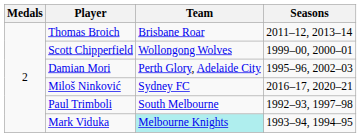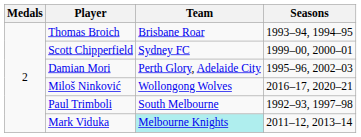 <table class="wikitable">
 <tr>
 <th>Medals</th>
 <th>Player</th>
 <th>Team</th>
 <th>Seasons</th>
 </tr>
 <tr>
 <td rowspan="6" style="text-align:center;">2</td>
 <td> <a href='#'>Thomas Broich</a></td>
 <td><a href='#'>Brisbane Roar</a></td>
-<td>2011–12, 2013–14</td>
+<td>1993–94, 1994–95</td>
 </tr>
 <tr>
 <td> <a href='#'>Scott Chipperfield</a></td>
-<td><a href='#'>Wollongong Wolves</a></td>
+<td><a href='#'>Sydney FC</a></td>
 <td>1999–00, 2000–01</td>
 </tr>
 <tr>
 <td> <a href='#'>Damian Mori</a></td>
 <td><a href='#'>Perth Glory</a>, <a href='#'>Adelaide City</a></td>
 <td>1995–96, 2002–03</td>
 </tr>
 <tr>
 <td> <a href='#'>Miloš Ninković</a></td>
-<td><a href='#'>Sydney FC</a></td>
+<td><a href='#'>Wollongong Wolves</a></td>
 <td>2016–17, 2020–21</td>
 </tr>
 <tr>
 <td> <a href='#'>Paul Trimboli</a></td>
 <td><a href='#'>South Melbourne</a></td>
 <td>1992–93, 1997–98</td>
 </tr>
 <tr>
 <td> <a href='#'>Mark Viduka</a></td>
 <td style="background: paleturquoise;"><a href='#'>Melbourne Knights</a></td>
-<td>1993–94, 1994–95</td>
+<td>2011–12, 2013–14</td>
 </tr>
 </table>
